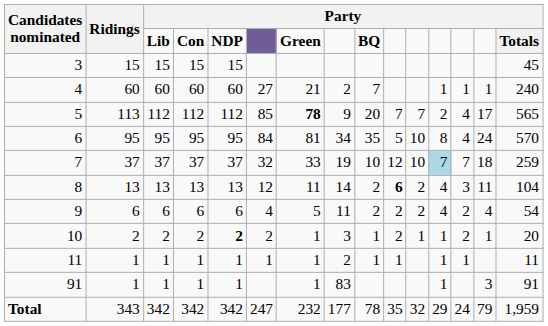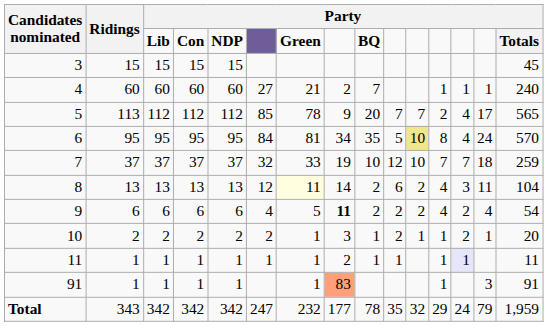 <table class="wikitable" style="text-align:right;">
 <tr>
 <th rowspan="2">Candidates<br>nominated</th>
 <th rowspan="2">Ridings</th>
 <th colspan="13">Party</th>
 </tr>
 <tr>
 <td><strong>Lib</strong></td>
 <td><strong>Con</strong></td>
 <td><strong>NDP</strong></td>
 <td style="background-color:#6f5d9a; color: white" align="center"><strong></strong></td>
 <td><strong>Green</strong></td>
 <td><strong></strong></td>
 <td><strong>BQ</strong></td>
 <td><strong></strong></td>
 <td><strong></strong></td>
 <td><strong></strong></td>
 <td><strong></strong></td>
 <td><strong></strong></td>
 <th>Totals</th>
 </tr>
 <tr>
 <td>3</td>
 <td>15</td>
 <td>15</td>
 <td>15</td>
 <td>15</td>
 <td></td>
 <td></td>
 <td></td>
 <td></td>
 <td></td>
 <td></td>
 <td></td>
 <td></td>
 <td></td>
 <td>45</td>
 </tr>
 <tr>
 <td>4</td>
 <td>60</td>
 <td>60</td>
 <td>60</td>
 <td>60</td>
 <td>27</td>
 <td>21</td>
 <td>2</td>
 <td>7</td>
 <td></td>
 <td></td>
 <td>1</td>
 <td>1</td>
 <td>1</td>
 <td>240</td>
 </tr>
 <tr>
 <td>5</td>
 <td>113</td>
 <td>112</td>
 <td>112</td>
 <td>112</td>
 <td>85</td>
-<td><strong>78</strong></td>
+<td>78</td>
 <td>9</td>
 <td>20</td>
 <td>7</td>
 <td>7</td>
 <td>2</td>
 <td>4</td>
 <td>17</td>
 <td>565</td>
 </tr>
 <tr>
 <td>6</td>
 <td>95</td>
 <td>95</td>
 <td>95</td>
 <td>95</td>
 <td>84</td>
 <td>81</td>
 <td>34</td>
 <td>35</td>
 <td>5</td>
-<td>10</td>
+<td style="background: khaki;">10</td>
 <td>8</td>
 <td>4</td>
 <td>24</td>
 <td>570</td>
 </tr>
 <tr>
 <td>7</td>
 <td>37</td>
 <td>37</td>
 <td>37</td>
 <td>37</td>
 <td>32</td>
 <td>33</td>
 <td>19</td>
 <td>10</td>
 <td>12</td>
 <td>10</td>
-<td style="background: lightblue;">7</td>
+<td>7</td>
 <td>7</td>
 <td>18</td>
 <td>259</td>
 </tr>
 <tr>
 <td>8</td>
 <td>13</td>
 <td>13</td>
 <td>13</td>
 <td>13</td>
 <td>12</td>
-<td>11</td>
+<td style="background: lightyellow;">11</td>
 <td>14</td>
 <td>2</td>
-<td><strong>6</strong></td>
+<td>6</td>
 <td>2</td>
 <td>4</td>
 <td>3</td>
 <td>11</td>
 <td>104</td>
 </tr>
 <tr>
 <td>9</td>
 <td>6</td>
 <td>6</td>
 <td>6</td>
 <td>6</td>
 <td>4</td>
 <td>5</td>
-<td>11</td>
+<td><strong>11</strong></td>
 <td>2</td>
 <td>2</td>
 <td>2</td>
 <td>4</td>
 <td>2</td>
 <td>4</td>
 <td>54</td>
 </tr>
 <tr>
 <td>10</td>
 <td>2</td>
 <td>2</td>
 <td>2</td>
-<td><strong>2</strong></td>
+<td>2</td>
 <td>2</td>
 <td>1</td>
 <td>3</td>
 <td>1</td>
 <td>2</td>
 <td>1</td>
 <td>1</td>
 <td>2</td>
 <td>1</td>
 <td>20</td>
 </tr>
 <tr>
 <td>11</td>
 <td>1</td>
 <td>1</td>
 <td>1</td>
 <td>1</td>
 <td>1</td>
 <td>1</td>
 <td>2</td>
 <td>1</td>
 <td>1</td>
 <td></td>
 <td>1</td>
-<td>1</td>
+<td style="background: lavender;">1</td>
 <td></td>
 <td>11</td>
 </tr>
 <tr>
 <td>91</td>
 <td>1</td>
 <td>1</td>
 <td>1</td>
 <td>1</td>
 <td></td>
 <td>1</td>
-<td>83</td>
+<td style="background: lightsalmon;">83</td>
 <td></td>
 <td></td>
 <td></td>
 <td>1</td>
 <td></td>
 <td>3</td>
 <td>91</td>
 </tr>
 <tr>
 <td style="text-align:left;"><strong>Total</strong></td>
 <td>343</td>
 <td>342</td>
 <td>342</td>
 <td>342</td>
 <td>247</td>
 <td>232</td>
 <td>177</td>
 <td>78</td>
 <td>35</td>
 <td>32</td>
 <td>29</td>
 <td>24</td>
 <td>79</td>
 <td>1,959</td>
 </tr>
 </table>
